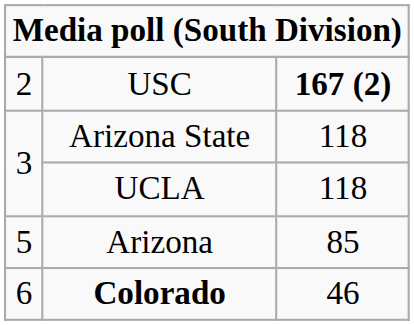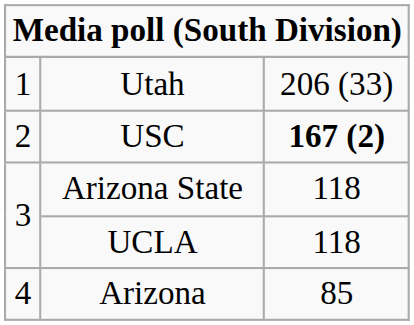 <table class="wikitable" style="display: inline-table;">
 <tr>
 <td align="center" Colspan="3"><strong>Media poll (South Division)</strong></td>
 </tr>
 <tr align="center">
+</tr>
+<tr align="center">
+<td>1</td>
+<td>Utah</td>
+<td>206 (33)</td>
 </tr>
 <tr align="center">
 <td>2</td>
 <td>USC</td>
 <td><strong>167 (2)</strong></td>
 </tr>
 <tr align="center">
 <td rowspan="2">3</td>
 <td>Arizona State</td>
 <td>118</td>
 </tr>
 <tr align="center">
 <td>UCLA</td>
 <td>118</td>
 </tr>
 <tr align="center">
-<td>5</td>
+<td>4</td>
 <td>Arizona</td>
 <td>85</td>
 </tr>
-<tr align="center">
-<td>6</td>
-<td><strong>Colorado</strong></td>
-<td>46</td>
-</tr>
 </table>
